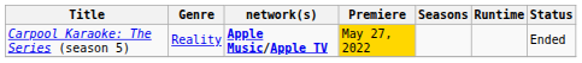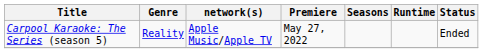 <table class="wikitable sortable" style="width:100%">
 <tr>
 <th>Title</th>
 <th>Genre</th>
 <th> network(s)</th>
 <th>Premiere</th>
 <th>Seasons</th>
 <th>Runtime</th>
 <th>Status</th>
 </tr>
 <tr>
 <td><em><a href='#'>Carpool Karaoke: The Series</a></em> (season 5)</td>
 <td><a href='#'>Reality</a></td>
-<td><strong><a href='#'>Apple Music</a>/<a href='#'>Apple TV</a></strong></td>
-<td style="background: gold;">May 27, 2022</td>
+<td><a href='#'>Apple Music</a>/<a href='#'>Apple TV</a></td>
+<td>May 27, 2022</td>
 <td></td>
 <td></td>
 <td>Ended</td>
 </tr>
 <tr>
 </tr>
 </table>
